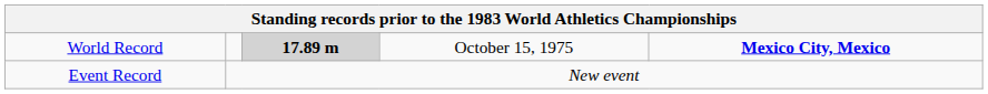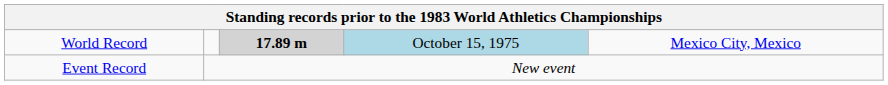 <table class="wikitable" style=" text-align:center; font-size:110%;" width="80%">
 <tr>
 <th colspan="5">Standing records prior to the 1983 World Athletics Championships</th>
 </tr>
 <tr>
 <td><a href='#'>World Record</a></td>
 <td></td>
 <td style="background: lightgrey;"><strong>17.89 m</strong></td>
-<td>October 15, 1975</td>
-<td><strong> <a href='#'>Mexico City, Mexico</a></strong></td>
+<td style="background: lightblue;">October 15, 1975</td>
+<td> <a href='#'>Mexico City, Mexico</a></td>
 </tr>
 <tr>
 <td><a href='#'>Event Record</a></td>
 <td colspan="4"><em>New event</em></td>
 </tr>
 </table>
